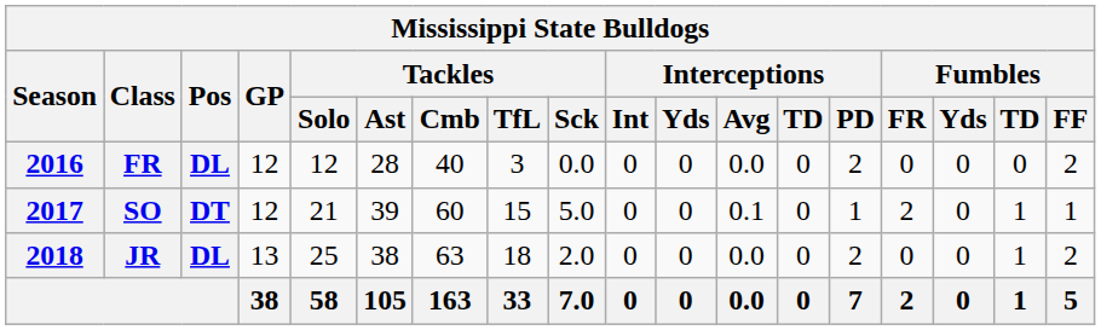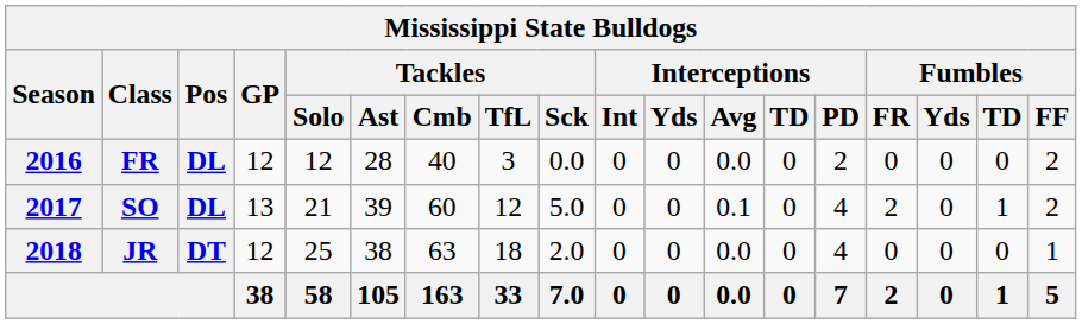 <table class="wikitable" style="text-align:center;">
 <tr>
 <th colspan="18">Mississippi State Bulldogs</th>
 </tr>
 <tr>
 <th rowspan="2">Season</th>
 <th rowspan="2">Class</th>
 <th rowspan="2">Pos</th>
 <th rowspan="2">GP</th>
 <th colspan="5">Tackles</th>
 <th colspan="5">Interceptions</th>
 <th colspan="4">Fumbles</th>
 </tr>
 <tr>
 <th>Solo</th>
 <th>Ast</th>
 <th>Cmb</th>
 <th>TfL</th>
 <th>Sck</th>
 <th>Int</th>
 <th>Yds</th>
 <th>Avg</th>
 <th>TD</th>
 <th>PD</th>
 <th>FR</th>
 <th>Yds</th>
 <th>TD</th>
 <th>FF</th>
 </tr>
 <tr>
 <th><a href='#'>2016</a></th>
 <th><a href='#'>FR</a></th>
 <th><a href='#'>DL</a></th>
 <td>12</td>
 <td>12</td>
 <td>28</td>
 <td>40</td>
 <td>3</td>
 <td>0.0</td>
 <td>0</td>
 <td>0</td>
 <td>0.0</td>
 <td>0</td>
 <td>2</td>
 <td>0</td>
 <td>0</td>
 <td>0</td>
 <td>2</td>
 </tr>
 <tr>
 <th><a href='#'>2017</a></th>
 <th><a href='#'>SO</a></th>
-<th><a href='#'>DT</a></th>
-<td>12</td>
+<th><a href='#'>DL</a></th>
+<td>13</td>
 <td>21</td>
 <td>39</td>
 <td>60</td>
-<td>15</td>
+<td>12</td>
 <td>5.0</td>
 <td>0</td>
 <td>0</td>
 <td>0.1</td>
 <td>0</td>
-<td>1</td>
+<td>4</td>
 <td>2</td>
 <td>0</td>
 <td>1</td>
-<td>1</td>
+<td>2</td>
 </tr>
 <tr>
 <th><a href='#'>2018</a></th>
 <th><a href='#'>JR</a></th>
-<th><a href='#'>DL</a></th>
-<td>13</td>
+<th><a href='#'>DT</a></th>
+<td>12</td>
 <td>25</td>
 <td>38</td>
 <td>63</td>
 <td>18</td>
 <td>2.0</td>
 <td>0</td>
 <td>0</td>
 <td>0.0</td>
 <td>0</td>
-<td>2</td>
+<td>4</td>
+<td>0</td>
 <td>0</td>
 <td>0</td>
 <td>1</td>
-<td>2</td>
 </tr>
 <tr>
 <th colspan="3"></th>
 <th>38</th>
 <th>58</th>
 <th>105</th>
 <th>163</th>
 <th>33</th>
 <th>7.0</th>
 <th>0</th>
 <th>0</th>
 <th>0.0</th>
 <th>0</th>
 <th>7</th>
 <th>2</th>
 <th>0</th>
 <th>1</th>
 <th>5</th>
 </tr>
 </table>
